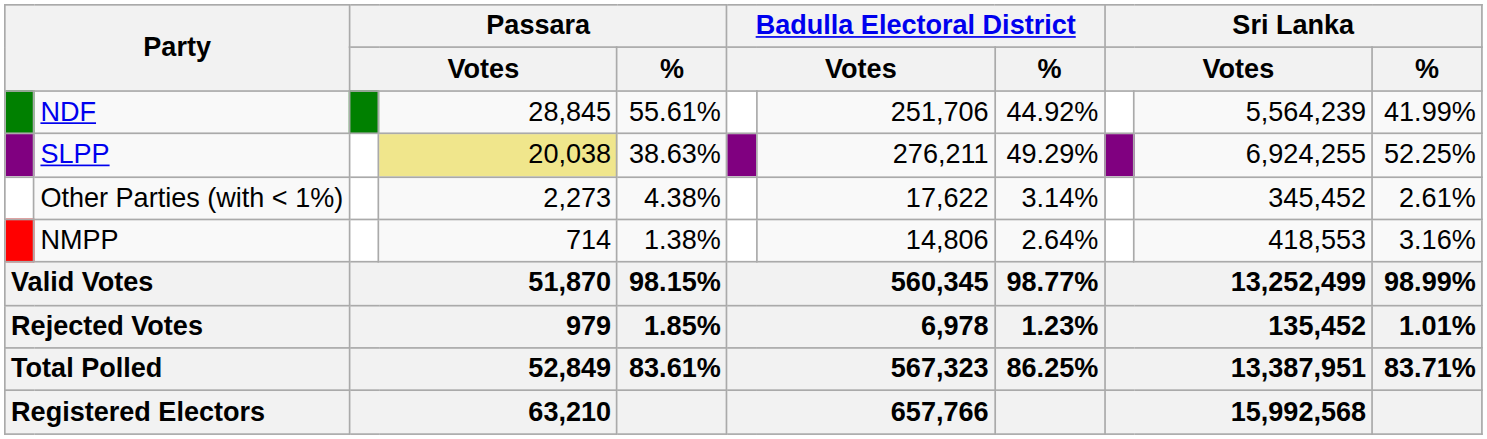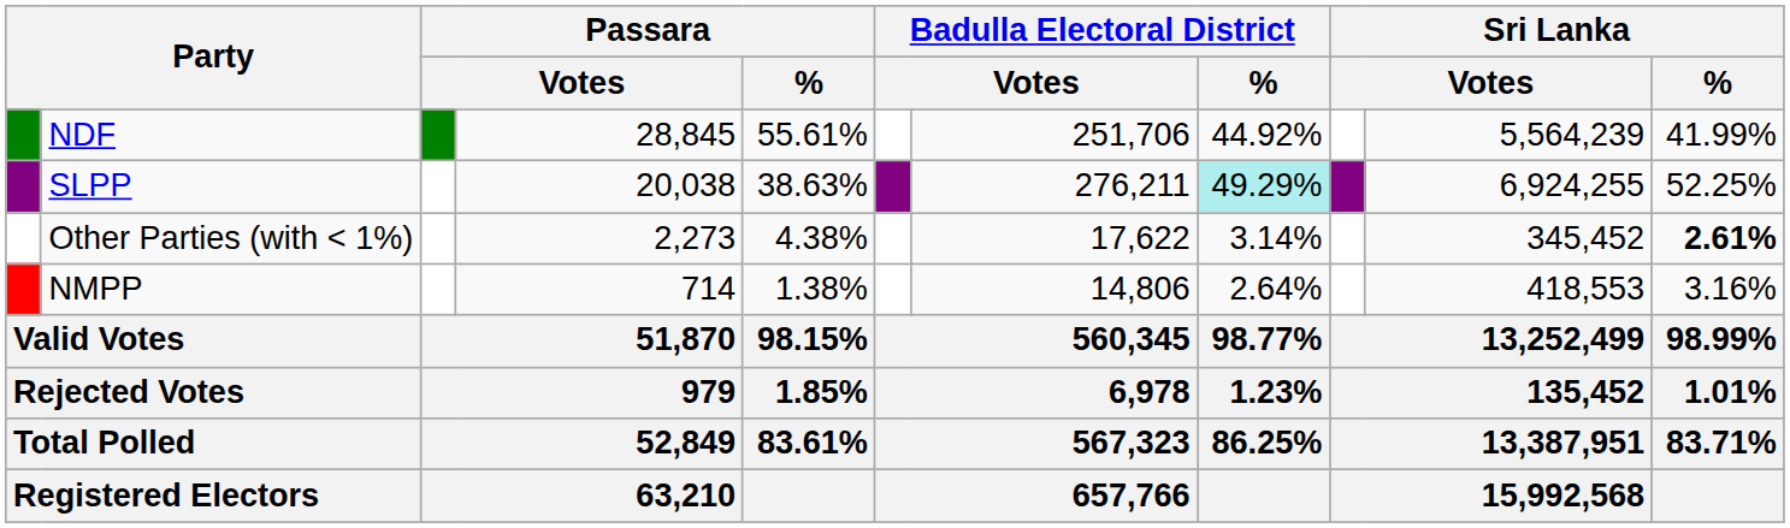 <table class="wikitable">
 <tr>
 <th colspan="2" width="144px"rowspan="2">Party</th>
 <th colspan="3" width="216px">Passara</th>
 <th colspan="3" width="216px"><a href='#'>Badulla Electoral District</a></th>
 <th colspan="3" width="216px">Sri Lanka</th>
 </tr>
 <tr>
 <th colspan="2" width="144px">Votes</th>
 <th>%</th>
 <th colspan="2" width="144px">Votes</th>
 <th>%</th>
 <th colspan="2" width="144px">Votes</th>
 <th>%</th>
 </tr>
 <tr>
 <td style="background-color:green;" width="10px"></td>
 <td style="text-align:left;"><a href='#'>NDF</a></td>
 <td style="background-color:green;" width="10px"></td>
 <td style="text-align:right;">28,845</td>
 <td style="text-align:right;">55.61%</td>
 <td style="background-color:white;" width="10px"></td>
 <td style="text-align:right;">251,706</td>
 <td style="text-align:right;">44.92%</td>
 <td style="background-color:white;" width="10px"></td>
 <td style="text-align:right;">5,564,239</td>
 <td style="text-align:right;">41.99%</td>
 </tr>
 <tr>
 <td style="background-color:purple;" width="10px"></td>
 <td style="text-align:left;"><a href='#'>SLPP</a></td>
 <td style="background-color:white;" width="10px"></td>
-<td style="background: khaki; text-align:right;">20,038</td>
+<td style="text-align:right;">20,038</td>
 <td style="text-align:right;">38.63%</td>
 <td style="background-color:purple;" width="10px"></td>
 <td style="text-align:right;">276,211</td>
-<td style="text-align:right;">49.29%</td>
+<td style="background: paleturquoise; text-align:right;">49.29%</td>
 <td style="background-color:purple;" width="10px"></td>
 <td style="text-align:right;">6,924,255</td>
 <td style="text-align:right;">52.25%</td>
 </tr>
 <tr>
 <td style="background-color:white;" width="10px"></td>
 <td style="text-align:left;">Other Parties (with < 1%)</td>
 <td style="background-color:white;" width="10px"></td>
 <td style="text-align:right;">2,273</td>
 <td style="text-align:right;">4.38%</td>
 <td style="background-color:white;" width="10px"></td>
 <td style="text-align:right;">17,622</td>
 <td style="text-align:right;">3.14%</td>
 <td style="background-color:white;" width="10px"></td>
 <td style="text-align:right;">345,452</td>
-<td style="text-align:right;">2.61%</td>
+<td style="text-align:right;"><strong>2.61%</strong></td>
 </tr>
 <tr>
 <td style="background-color:red;" width="10px"></td>
 <td style="text-align:left;">NMPP</td>
 <td style="background-color:white;" width="10px"></td>
 <td style="text-align:right;">714</td>
 <td style="text-align:right;">1.38%</td>
 <td style="background-color:white;" width="10px"></td>
 <td style="text-align:right;">14,806</td>
 <td style="text-align:right;">2.64%</td>
 <td style="background-color:white;" width="10px"></td>
 <td style="text-align:right;">418,553</td>
 <td style="text-align:right;">3.16%</td>
 </tr>
 <tr>
 <th colspan="2" width="144px"style="text-align:left;">Valid Votes</th>
 <th style="text-align:right;"colspan="2" width="144px">51,870</th>
 <th style="text-align:right;">98.15%</th>
 <th style="text-align:right;"colspan="2" width="144px">560,345</th>
 <th style="text-align:right;">98.77%</th>
 <th style="text-align:right;"colspan="2" width="144px">13,252,499</th>
 <th style="text-align:right;">98.99%</th>
 </tr>
 <tr>
 <th colspan="2" width="144px"style="text-align:left;">Rejected Votes</th>
 <th style="text-align:right;"colspan="2" width="144px">979</th>
 <th style="text-align:right;">1.85%</th>
 <th style="text-align:right;"colspan="2" width="144px">6,978</th>
 <th style="text-align:right;">1.23%</th>
 <th style="text-align:right;"colspan="2" width="144px">135,452</th>
 <th style="text-align:right;">1.01%</th>
 </tr>
 <tr>
 <th colspan="2" width="144px"style="text-align:left;">Total Polled</th>
 <th style="text-align:right;"colspan="2" width="144px">52,849</th>
 <th style="text-align:right;">83.61%</th>
 <th style="text-align:right;"colspan="2" width="144px">567,323</th>
 <th style="text-align:right;">86.25%</th>
 <th style="text-align:right;"colspan="2" width="144px">13,387,951</th>
 <th style="text-align:right;">83.71%</th>
 </tr>
 <tr>
 <th colspan="2" width="144px"style="text-align:left;">Registered Electors</th>
 <th style="text-align:right;"colspan="2" width="144px">63,210</th>
 <th></th>
 <th style="text-align:right;"colspan="2" width="144px">657,766</th>
 <th></th>
 <th style="text-align:right;"colspan="2" width="144px">15,992,568</th>
 <th></th>
 </tr>
 </table>
